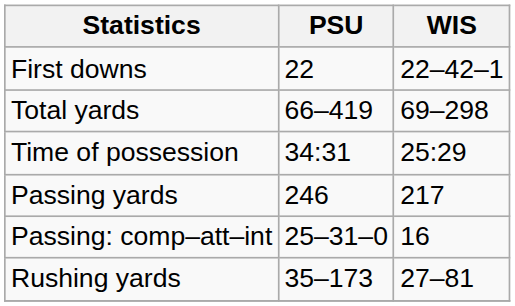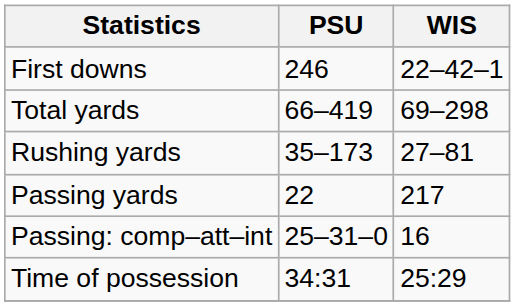 <table class="wikitable" style="float: left;">
 <tr>
 <th>Statistics</th>
 <th>PSU</th>
 <th>WIS</th>
 </tr>
 <tr>
 <td>First downs</td>
-<td>22</td>
+<td>246</td>
 <td>22–42–1</td>
 </tr>
 <tr>
 <td>Total yards</td>
 <td>66–419</td>
 <td>69–298</td>
 </tr>
 <tr>
-<td>Time of possession</td>
-<td>34:31</td>
-<td>25:29</td>
+<td>Rushing yards</td>
+<td>35–173</td>
+<td>27–81</td>
 </tr>
 <tr>
 <td>Passing yards</td>
-<td>246</td>
+<td>22</td>
 <td>217</td>
 </tr>
 <tr>
 <td>Passing: comp–att–int</td>
 <td>25–31–0</td>
 <td>16</td>
 </tr>
 <tr>
-<td>Rushing yards</td>
-<td>35–173</td>
-<td>27–81</td>
+<td>Time of possession</td>
+<td>34:31</td>
+<td>25:29</td>
 </tr>
 <tr>
 </tr>
 </table>
